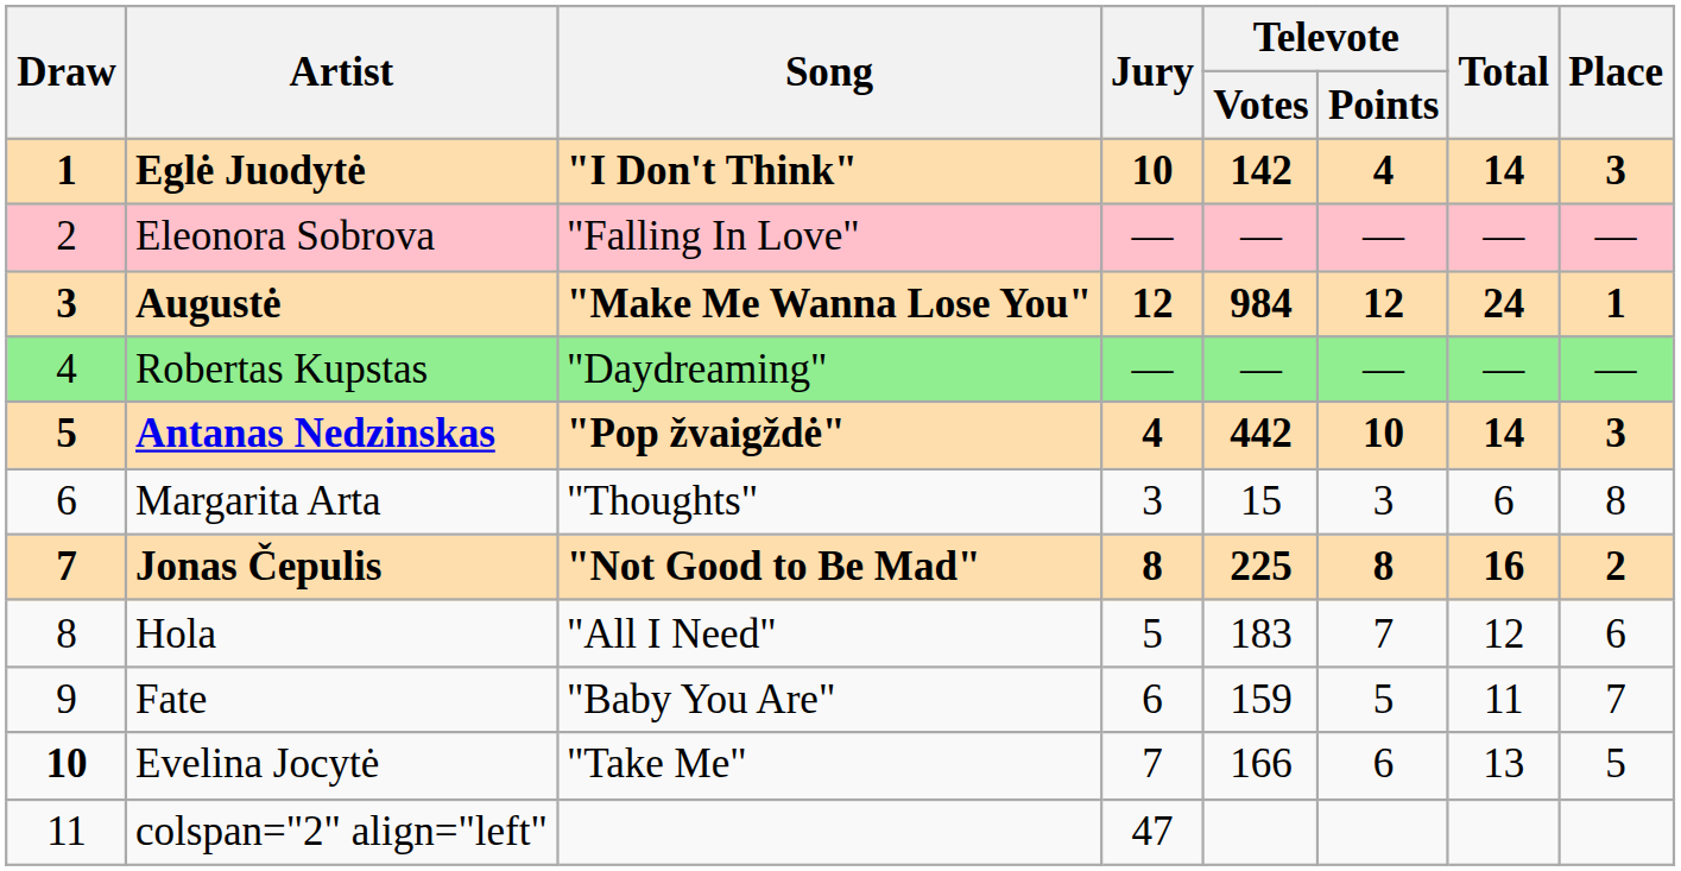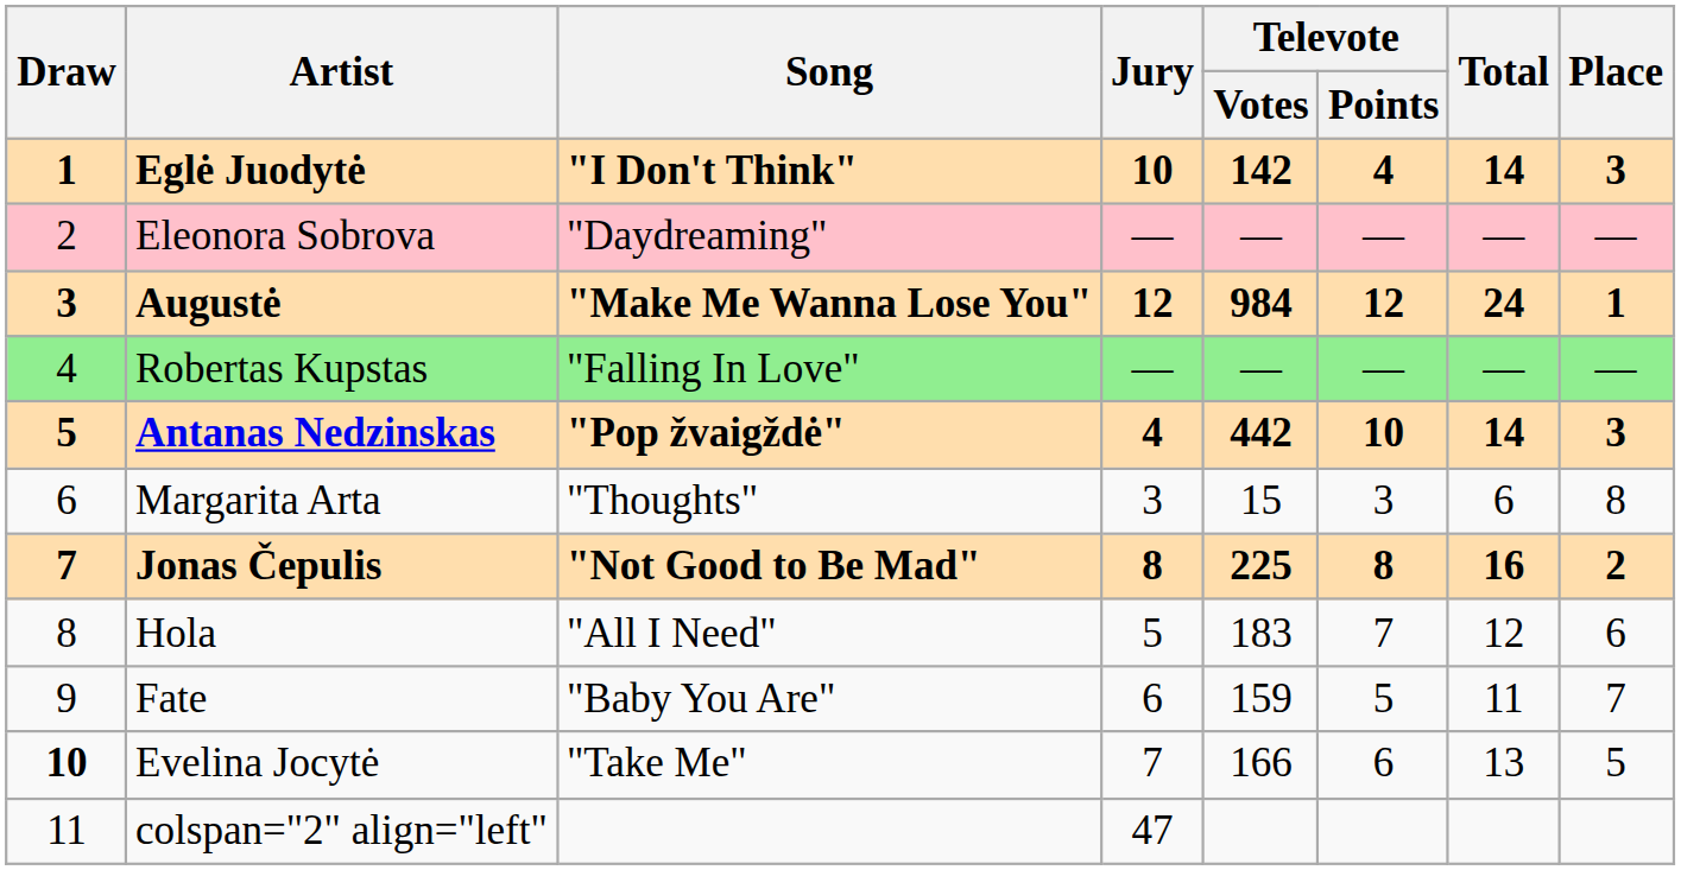 <table class="sortable wikitable" style="margin: 1em auto 1em auto; text-align:center;">
 <tr>
 <th rowspan="2">Draw</th>
 <th rowspan="2">Artist</th>
 <th rowspan="2">Song</th>
 <th rowspan="2">Jury</th>
 <th colspan="2">Televote</th>
 <th rowspan="2" class="unsortable">Total</th>
 <th rowspan="2">Place</th>
 </tr>
 <tr>
 <th>Votes</th>
 <th class="unsortable">Points</th>
 </tr>
 <tr style="font-weight:bold; background:#FFDEAD;">
 <td>1</td>
 <td align="left">Eglė Juodytė</td>
 <td align="left">"I Don't Think"</td>
 <td>10</td>
 <td>142</td>
 <td>4</td>
 <td>14</td>
 <td>3</td>
 </tr>
 <tr class="sortbottom" style="background:pink;">
 <td>2</td>
 <td align="left">Eleonora Sobrova</td>
-<td align="left">"Falling In Love"</td>
+<td align="left">"Daydreaming"</td>
 <td align="center">—</td>
 <td align="center">—</td>
 <td align="center">—</td>
 <td align="center">—</td>
 <td align="center">—</td>
 </tr>
 <tr style="font-weight:bold; background:#FFDEAD;">
 <td>3</td>
 <td align="left">Augustė</td>
 <td align="left">"Make Me Wanna Lose You"</td>
 <td>12</td>
 <td>984</td>
 <td>12</td>
 <td>24</td>
 <td>1</td>
 </tr>
 <tr class="sortbottom" style="background:#90EE90;">
 <td>4</td>
 <td align="left">Robertas Kupstas</td>
-<td align="left">"Daydreaming"</td>
+<td align="left">"Falling In Love"</td>
 <td align="center">—</td>
 <td align="center">—</td>
 <td align="center">—</td>
 <td align="center">—</td>
 <td align="center">—</td>
 </tr>
 <tr style="font-weight:bold; background:#FFDEAD;">
 <td>5</td>
 <td align="left"><a href='#'>Antanas Nedzinskas</a></td>
 <td align="left">"Pop žvaigždė"</td>
 <td>4</td>
 <td>442</td>
 <td>10</td>
 <td>14</td>
 <td data-sort-value="4">3</td>
 </tr>
 <tr>
 <td>6</td>
 <td align="left">Margarita Arta</td>
 <td align="left">"Thoughts"</td>
 <td>3</td>
 <td>15</td>
 <td>3</td>
 <td>6</td>
 <td>8</td>
 </tr>
 <tr style="font-weight:bold; background:#FFDEAD;">
 <td>7</td>
 <td align="left">Jonas Čepulis</td>
 <td align="left">"Not Good to Be Mad"</td>
 <td>8</td>
 <td>225</td>
 <td>8</td>
 <td>16</td>
 <td>2</td>
 </tr>
 <tr>
 <td>8</td>
 <td align="left">Hola</td>
 <td align="left">"All I Need"</td>
 <td>5</td>
 <td>183</td>
 <td>7</td>
 <td>12</td>
 <td>6</td>
 </tr>
 <tr>
 <td>9</td>
 <td align="left">Fate</td>
 <td align="left">"Baby You Are"</td>
 <td>6</td>
 <td>159</td>
 <td>5</td>
 <td>11</td>
 <td>7</td>
 </tr>
 <tr>
 <td><strong>10</strong></td>
 <td align="left">Evelina Jocytė</td>
 <td align="left">"Take Me"</td>
 <td>7</td>
 <td>166</td>
 <td>6</td>
 <td>13</td>
 <td>5</td>
 </tr>
 <tr class="sortbottom">
 <td>11</td>
 <td>colspan="2" align="left" </td>
 <td></td>
 <td>47</td>
 <td></td>
 <td></td>
 <td></td>
 </tr>
 </table>
